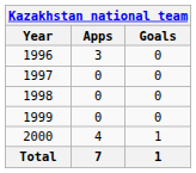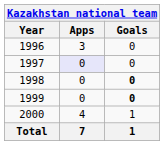 <table class="wikitable" style="text-align:center">
 <tr>
 <th colspan=3><a href='#'>Kazakhstan national team</a></th>
 </tr>
 <tr>
 <th>Year</th>
 <th>Apps</th>
 <th>Goals</th>
 </tr>
 <tr>
 <td>1996</td>
 <td>3</td>
 <td>0</td>
 </tr>
 <tr>
 <td>1997</td>
-<td>0</td>
+<td style="background: lavender;">0</td>
 <td>0</td>
 </tr>
 <tr>
 <td>1998</td>
 <td>0</td>
-<td>0</td>
+<td><strong>0</strong></td>
 </tr>
 <tr>
 <td>1999</td>
 <td>0</td>
-<td>0</td>
+<td><strong>0</strong></td>
 </tr>
 <tr>
 <td>2000</td>
 <td>4</td>
 <td>1</td>
 </tr>
 <tr>
 <th>Total</th>
 <th>7</th>
 <th>1</th>
 </tr>
 </table>
